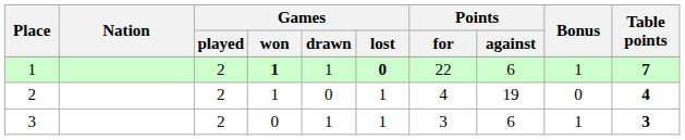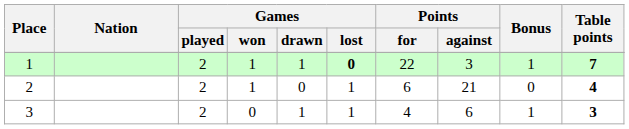 <table class="wikitable">
 <tr>
 <th rowspan=2 width="8%">Place</th>
 <th rowspan=2 width="20%">Nation</th>
 <th colspan=4 width="32%">Games</th>
 <th colspan=2 width="30%">Points</th>
 <th rowspan=2 width="10%">Bonus</th>
 <th rowspan=2 width="10%">Table<br>points</th>
 </tr>
 <tr>
 <th width="8%">played</th>
 <th width="8%">won</th>
 <th width="8%">drawn</th>
 <th width="8%">lost</th>
 <th width="10%">for</th>
 <th width="10%">against</th>
 </tr>
 <tr>
 </tr>
 <tr bgcolor=#ccffcc align=center>
 <td>1</td>
 <td align=left></td>
 <td>2</td>
-<td><strong>1</strong></td>
+<td>1</td>
 <td>1</td>
 <td><strong>0</strong></td>
 <td>22</td>
-<td>6</td>
+<td>3</td>
 <td>1</td>
 <td><strong>7</strong></td>
 </tr>
 <tr bgcolor=#ffffff align=center>
 <td>2</td>
 <td align=left></td>
 <td>2</td>
 <td>1</td>
 <td>0</td>
 <td>1</td>
-<td>4</td>
-<td>19</td>
+<td>6</td>
+<td>21</td>
 <td>0</td>
 <td><strong>4</strong></td>
 </tr>
 <tr bgcolor=#ffffff align=center>
 <td>3</td>
 <td align=left></td>
 <td>2</td>
 <td>0</td>
 <td>1</td>
 <td>1</td>
-<td>3</td>
+<td>4</td>
 <td>6</td>
 <td>1</td>
 <td><strong>3</strong></td>
 </tr>
 </table>
